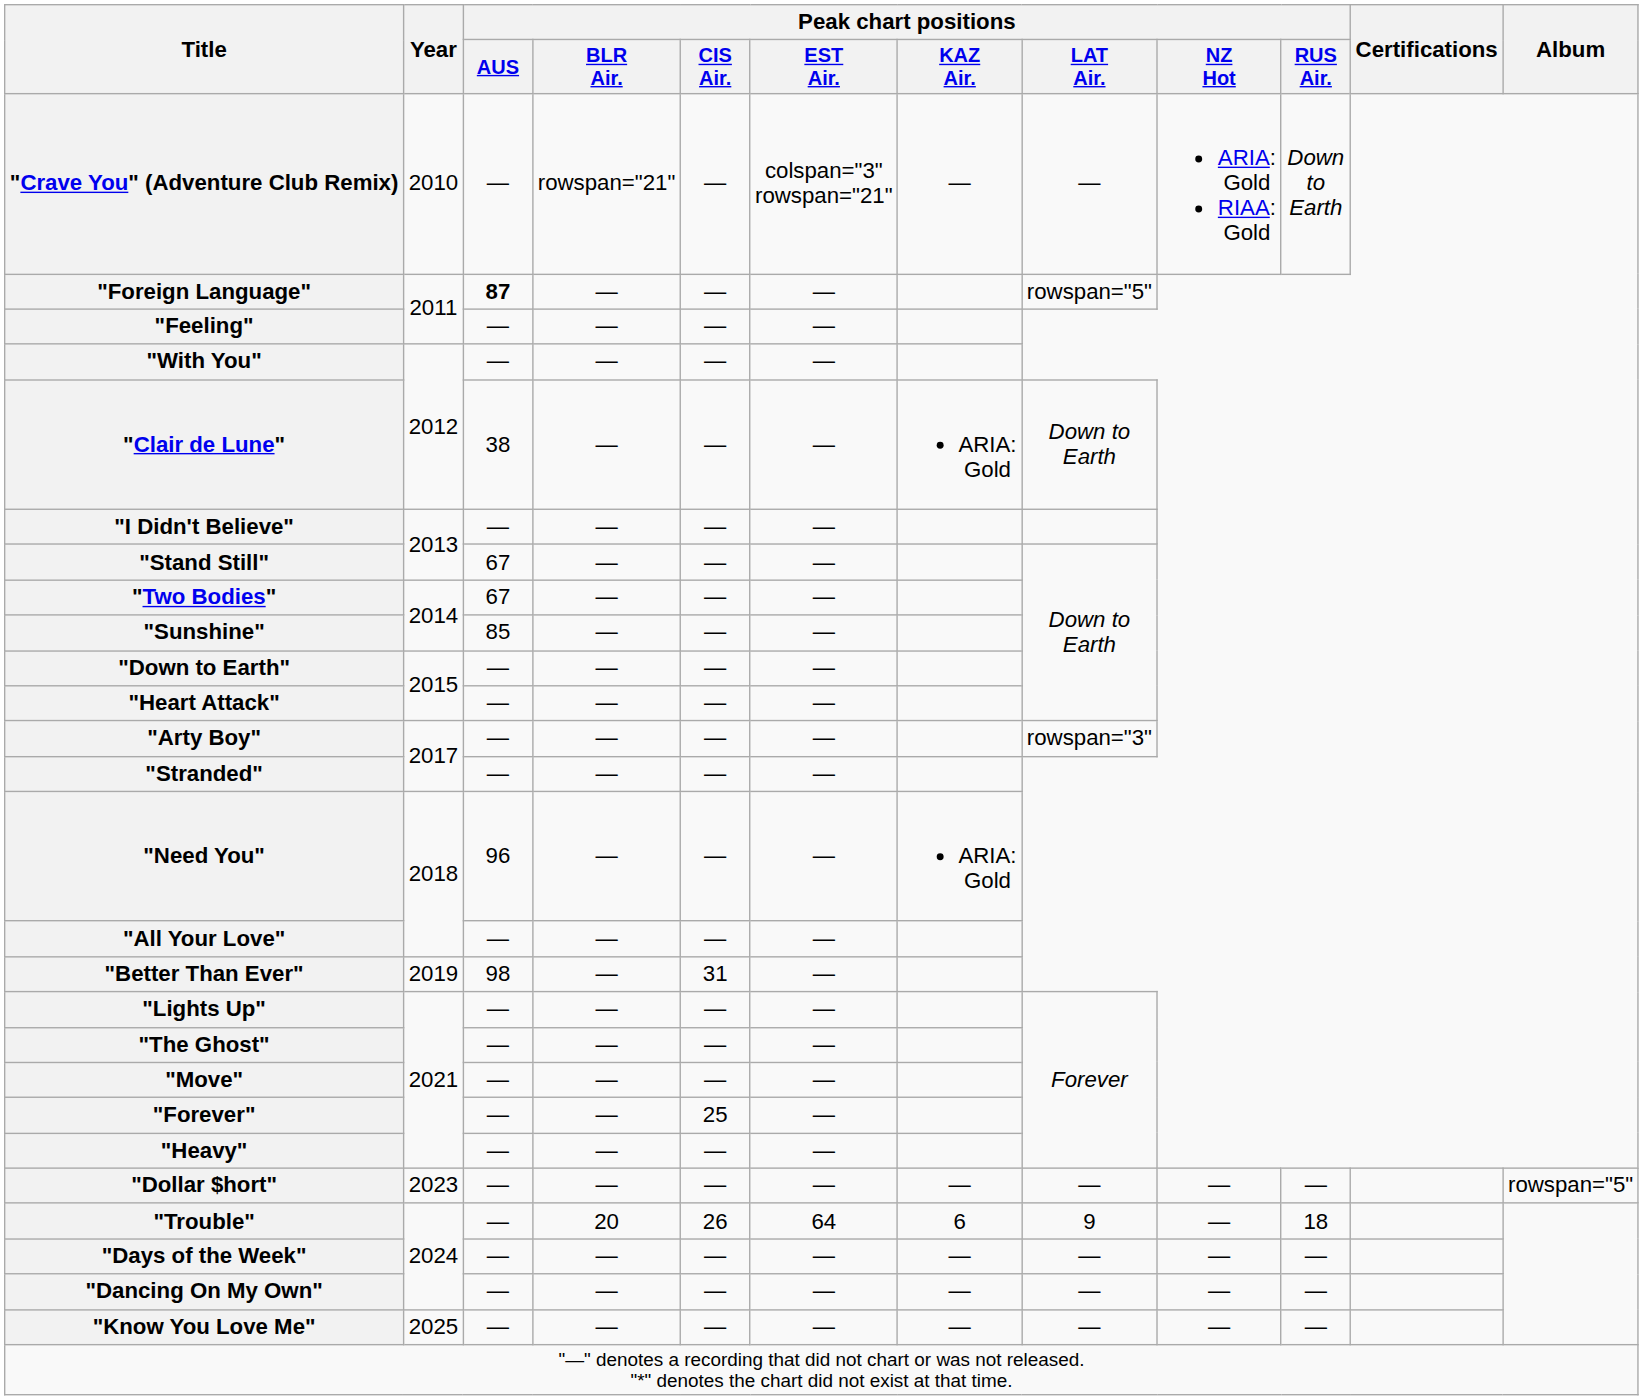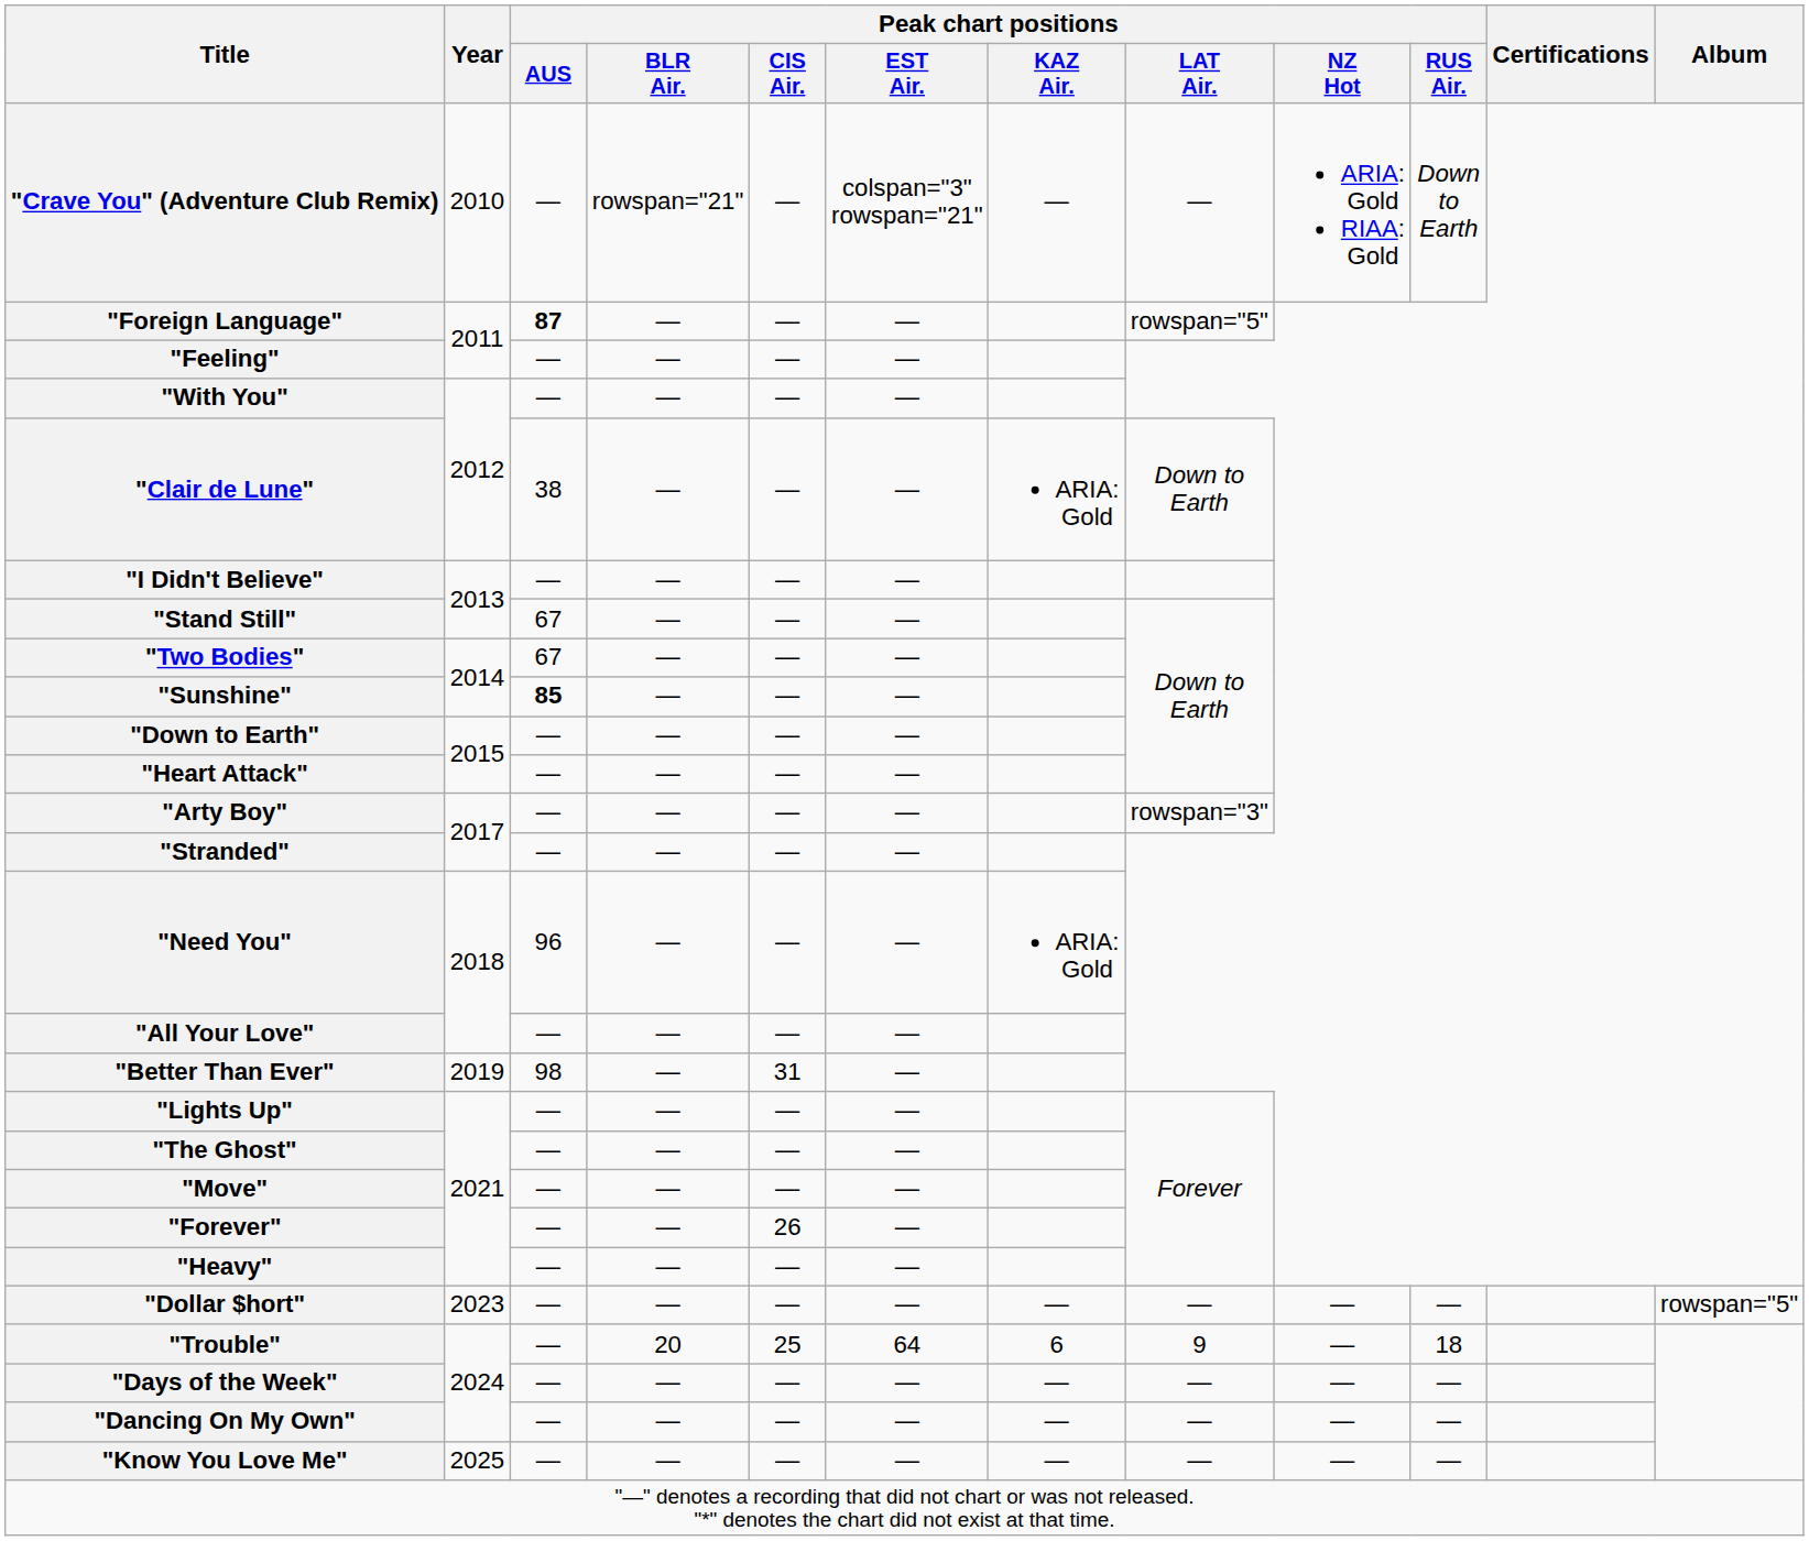 <table class="wikitable plainrowheaders" style="text-align:center;">
 <tr>
 <th scope="col" rowspan="2">Title</th>
 <th scope="col" rowspan="2">Year</th>
 <th scope="col" colspan="8">Peak chart positions</th>
 <th scope="col" rowspan="2">Certifications</th>
 <th scope="col" rowspan="2">Album</th>
 </tr>
 <tr>
 <th scope="col" style="width:3em;font-size:90%;"><a href='#'>AUS</a><br></th>
 <th scope="col" style="width:3em;font-size:90%;"><a href='#'>BLR<br>Air.</a><br></th>
 <th scope="col" style="width:3em;font-size:90%;"><a href='#'>CIS<br>Air.</a><br></th>
 <th scope="col" style="width:3em;font-size:90%;"><a href='#'>EST<br>Air.</a><br></th>
 <th scope="col" style="width:3em;font-size:90%;"><a href='#'>KAZ<br>Air.</a><br></th>
 <th scope="col" style="width:3em;font-size:90%;"><a href='#'>LAT<br>Air.</a><br></th>
 <th scope="col" style="width:3em;font-size:90%;"><a href='#'>NZ<br>Hot</a><br></th>
 <th scope="col" style="width:3em;font-size:90%;"><a href='#'>RUS<br>Air.</a><br></th>
 </tr>
 <tr>
 <th scope="row">"<a href='#'>Crave You</a>" (Adventure Club Remix)<br></th>
 <td>2010</td>
 <td>—</td>
 <td>rowspan="21" </td>
 <td>—</td>
 <td>colspan="3" rowspan="21" </td>
 <td>—</td>
 <td>—</td>
 <td><br><ul><li><a href='#'>ARIA</a>: Gold</li><li><a href='#'>RIAA</a>: Gold</li></ul></td>
 <td><em>Down to Earth</em></td>
 </tr>
 <tr>
 <th scope="row">"Foreign Language"<br></th>
 <td rowspan="2">2011</td>
 <td><strong>87</strong></td>
 <td>—</td>
 <td>—</td>
 <td>—</td>
 <td></td>
 <td>rowspan="5" </td>
 </tr>
 <tr>
 <th scope="row">"Feeling"</th>
 <td>—</td>
 <td>—</td>
 <td>—</td>
 <td>—</td>
 <td></td>
 </tr>
 <tr>
 <th scope="row">"With You"<br></th>
 <td rowspan="2">2012</td>
 <td>—</td>
 <td>—</td>
 <td>—</td>
 <td>—</td>
 <td></td>
 </tr>
 <tr>
 <th scope="row">"<a href='#'>Clair de Lune</a>"<br></th>
 <td>38</td>
 <td>—</td>
 <td>—</td>
 <td>—</td>
 <td><br><ul><li>ARIA: Gold</li></ul></td>
 <td><em>Down to Earth</em></td>
 </tr>
 <tr>
 <th scope="row">"I Didn't Believe"<br></th>
 <td rowspan="2">2013</td>
 <td>—</td>
 <td>—</td>
 <td>—</td>
 <td>—</td>
 <td></td>
 <td></td>
 </tr>
 <tr>
 <th scope="row">"Stand Still"<br></th>
 <td>67</td>
 <td>—</td>
 <td>—</td>
 <td>—</td>
 <td></td>
 <td rowspan="5"><em>Down to Earth</em></td>
 </tr>
 <tr>
 <th scope="row">"<a href='#'>Two Bodies</a>"<br></th>
 <td rowspan="2">2014</td>
 <td>67</td>
 <td>—</td>
 <td>—</td>
 <td>—</td>
 <td></td>
 </tr>
 <tr>
 <th scope="row">"Sunshine"<br></th>
-<td>85</td>
+<td><strong>85</strong></td>
 <td>—</td>
 <td>—</td>
 <td>—</td>
 <td></td>
 </tr>
 <tr>
 <th scope="row">"Down to Earth"</th>
 <td rowspan="2">2015</td>
 <td>—</td>
 <td>—</td>
 <td>—</td>
 <td>—</td>
 <td></td>
 </tr>
 <tr>
 <th scope="row">"Heart Attack"<br></th>
 <td>—</td>
 <td>—</td>
 <td>—</td>
 <td>—</td>
 <td></td>
 </tr>
 <tr>
 <th scope="row">"Arty Boy"<br></th>
 <td rowspan="2">2017</td>
 <td>—</td>
 <td>—</td>
 <td>—</td>
 <td>—</td>
 <td></td>
 <td>rowspan="3" </td>
 </tr>
 <tr>
 <th scope="row">"Stranded"<br></th>
 <td>—</td>
 <td>—</td>
 <td>—</td>
 <td>—</td>
 <td></td>
 </tr>
 <tr>
 <th scope="row">"Need You"<br></th>
 <td rowspan="2">2018</td>
 <td>96</td>
 <td>—</td>
 <td>—</td>
 <td>—</td>
 <td><br><ul><li>ARIA: Gold</li></ul></td>
 </tr>
 <tr>
 <th scope="row">"All Your Love"<br></th>
 <td>—</td>
 <td>—</td>
 <td>—</td>
 <td>—</td>
 <td></td>
 </tr>
 <tr>
 <th scope="row">"Better Than Ever"<br></th>
 <td>2019</td>
 <td>98</td>
 <td>—</td>
 <td>31</td>
 <td>—</td>
 <td></td>
 </tr>
 <tr>
 <th scope="row">"Lights Up"<br></th>
 <td rowspan="5">2021</td>
 <td>—</td>
 <td>—</td>
 <td>—</td>
 <td>—</td>
 <td></td>
 <td rowspan="5"><em>Forever</em></td>
 </tr>
 <tr>
 <th scope="row">"The Ghost"</th>
 <td>—</td>
 <td>—</td>
 <td>—</td>
 <td>—</td>
 <td></td>
 </tr>
 <tr>
 <th scope="row">"Move"<br></th>
 <td>—</td>
 <td>—</td>
 <td>—</td>
 <td>—</td>
 <td></td>
 </tr>
 <tr>
 <th scope="row">"Forever"<br></th>
 <td>—</td>
 <td>—</td>
-<td>25</td>
+<td>26</td>
 <td>—</td>
 <td></td>
 </tr>
 <tr>
 <th scope="row">"Heavy"<br></th>
 <td>—</td>
 <td>—</td>
 <td>—</td>
 <td>—</td>
 <td></td>
 </tr>
 <tr>
 <th scope="row">"Dollar $hort"<br></th>
 <td>2023</td>
 <td>—</td>
 <td>—</td>
 <td>—</td>
 <td>—</td>
 <td>—</td>
 <td>—</td>
 <td>—</td>
 <td>—</td>
 <td></td>
 <td>rowspan="5" </td>
 </tr>
 <tr>
 <th scope="row">"Trouble"<br></th>
 <td rowspan="3">2024</td>
 <td>—</td>
 <td>20</td>
-<td>26</td>
+<td>25</td>
 <td>64</td>
 <td>6</td>
 <td>9</td>
 <td>—</td>
 <td>18</td>
 <td></td>
 </tr>
 <tr>
 <th scope="row">"Days of the Week"<br></th>
 <td>—</td>
 <td>—</td>
 <td>—</td>
 <td>—</td>
 <td>—</td>
 <td>—</td>
 <td>—</td>
 <td>—</td>
 <td></td>
 </tr>
 <tr>
 <th scope="row">"Dancing On My Own"<br></th>
 <td>—</td>
 <td>—</td>
 <td>—</td>
 <td>—</td>
 <td>—</td>
 <td>—</td>
 <td>—</td>
 <td>—</td>
 <td></td>
 </tr>
 <tr>
 <th scope="row">"Know You Love Me"<br></th>
 <td>2025</td>
 <td>—</td>
 <td>—</td>
 <td>—</td>
 <td>—</td>
 <td>—</td>
 <td>—</td>
 <td>—</td>
 <td>—</td>
 <td></td>
 </tr>
 <tr>
 <td colspan="12" style="font-size:85%">"—" denotes a recording that did not chart or was not released.<br>"*" denotes the chart did not exist at that time.</td>
 </tr>
 </table>
